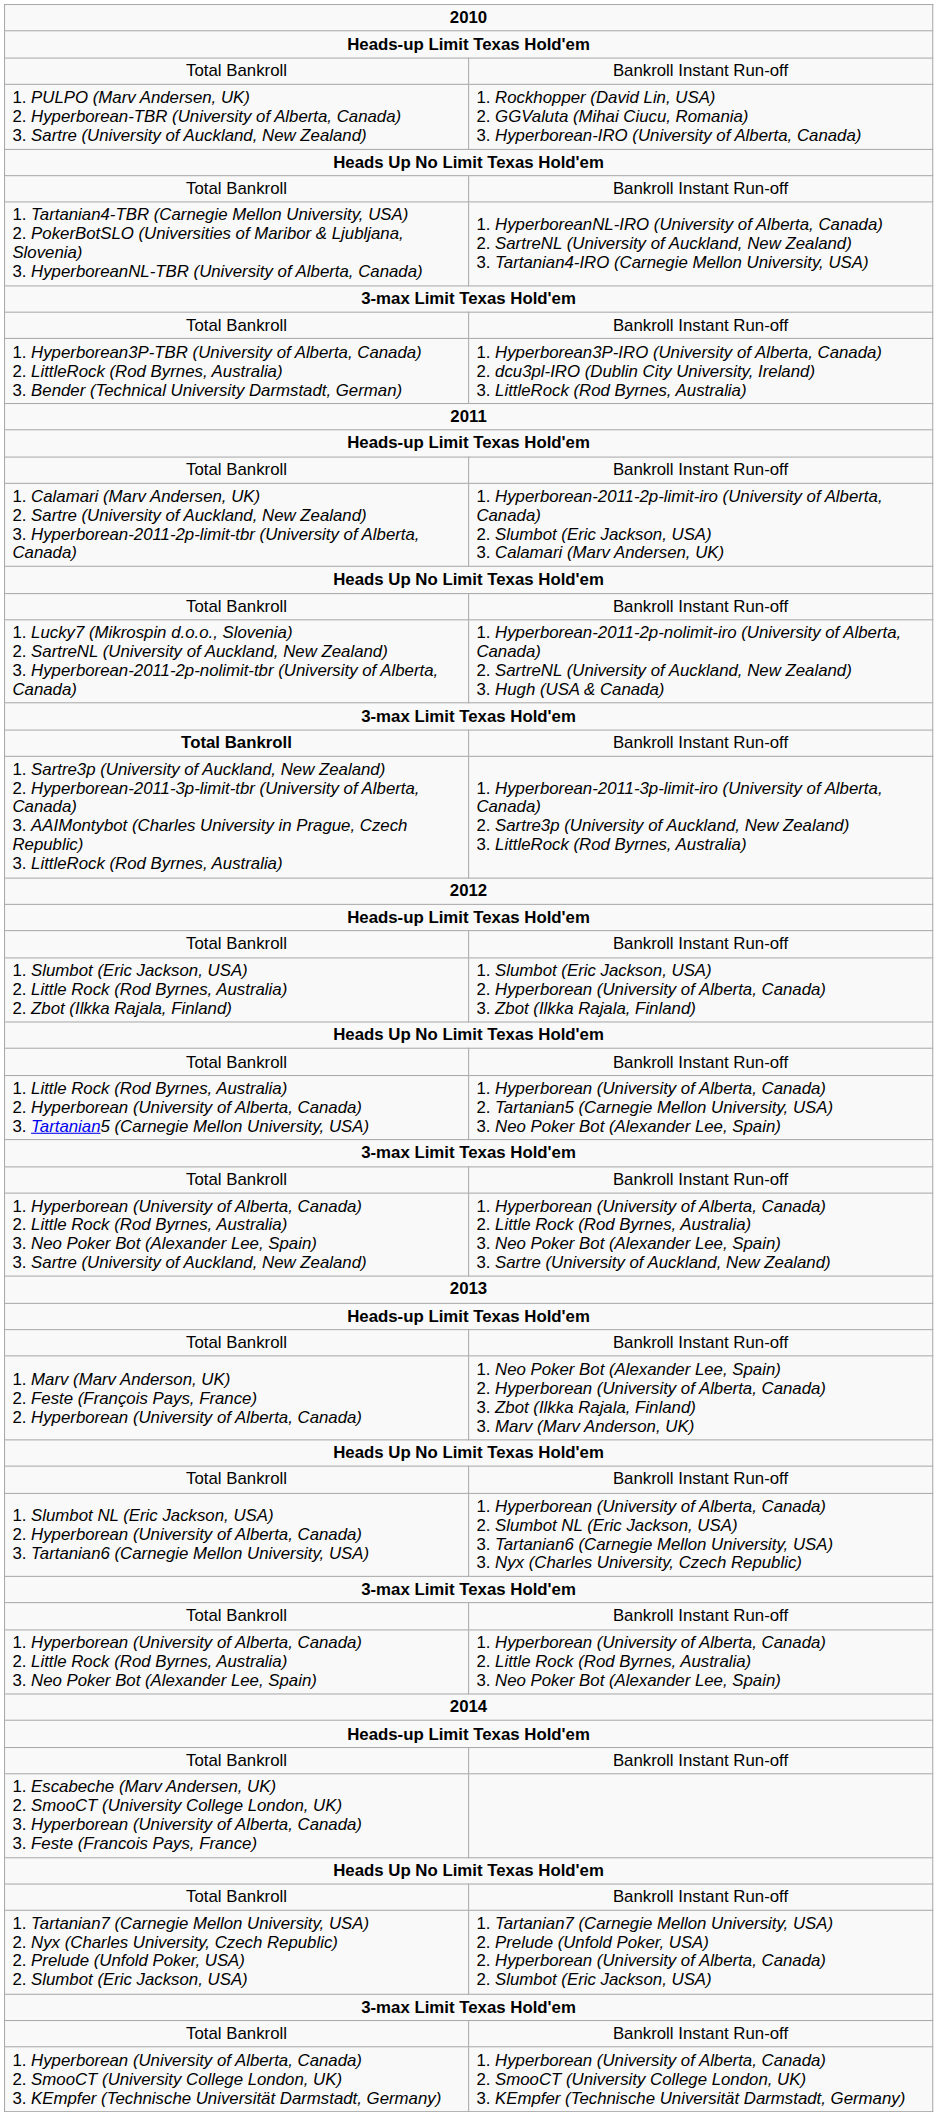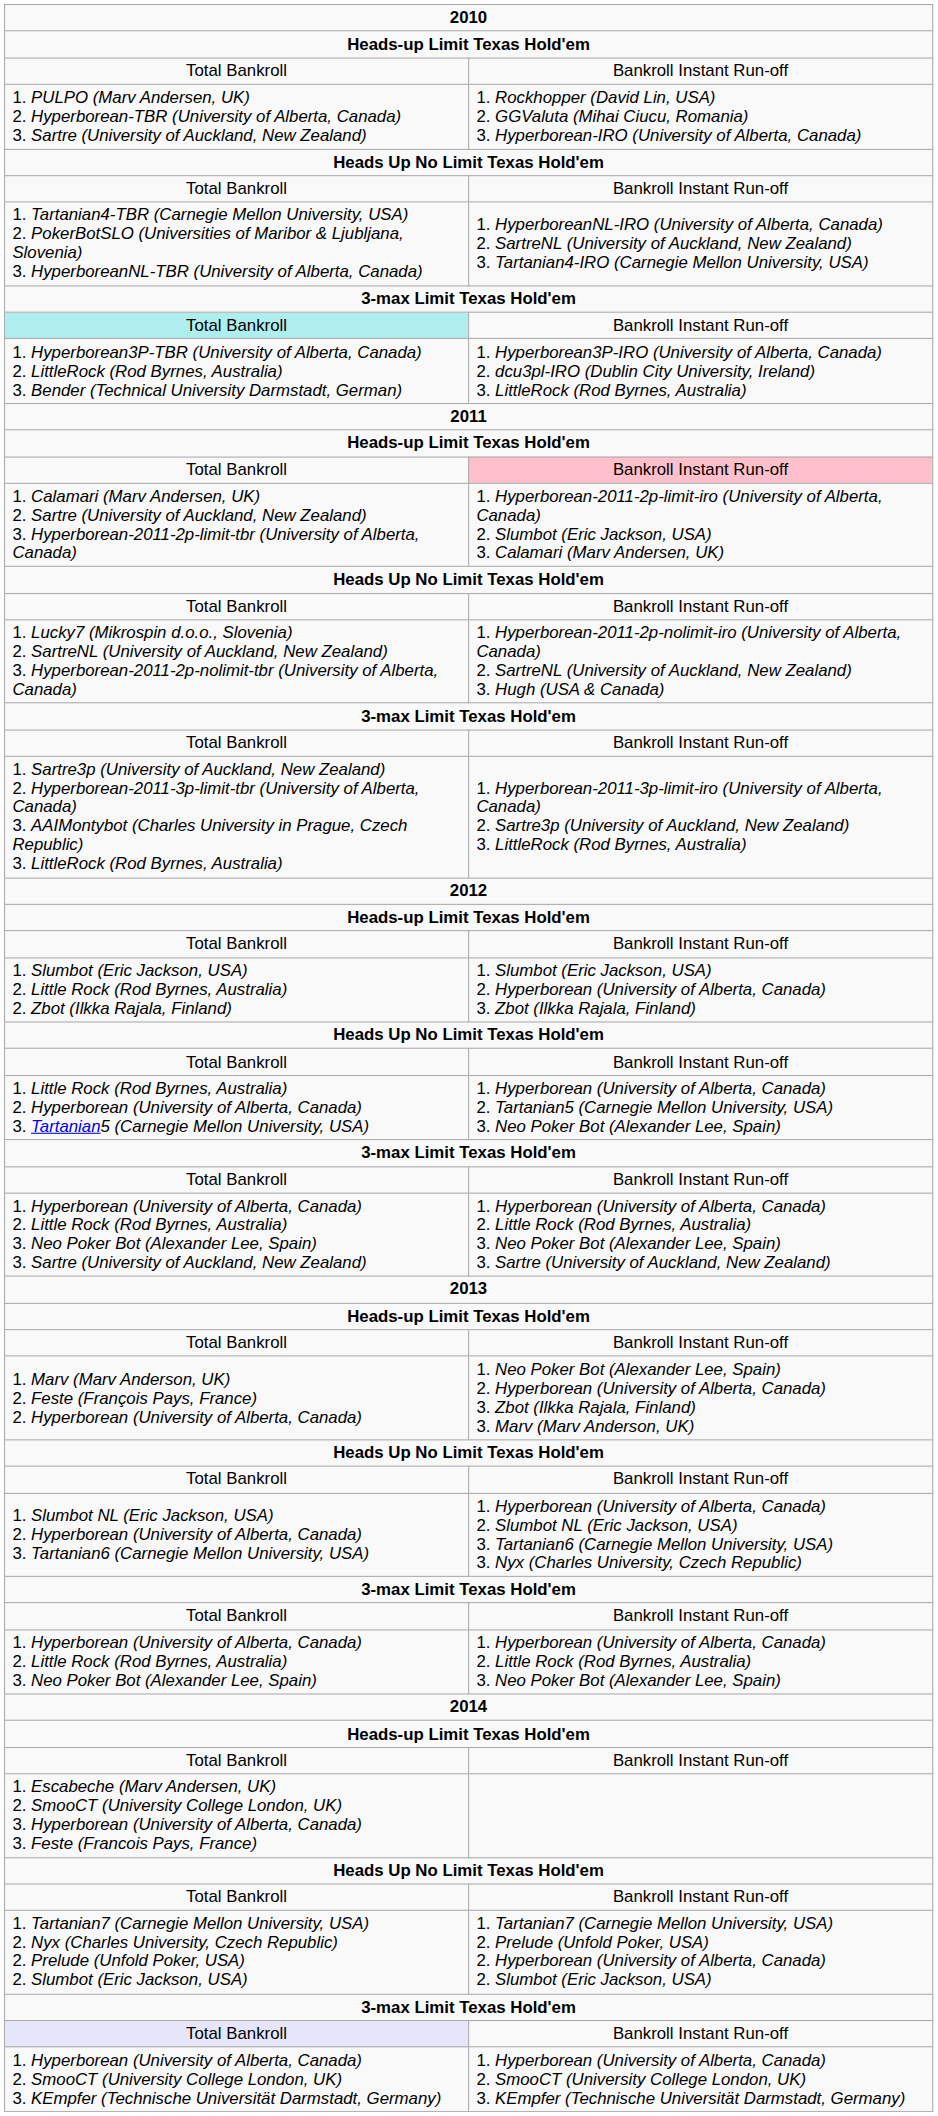 <table class="wikitable" style="width: 70%; height=60px;">
 <tr>
 <td colspan="2" style="text-align: center;"><strong>2010</strong> </td>
 </tr>
 <tr>
 <td colspan="2" style="text-align: center;"><strong>Heads-up Limit Texas Hold'em</strong></td>
 </tr>
 <tr style="text-align: center;">
 <td style="width:50%">Total Bankroll</td>
 <td style="width:50%">Bankroll Instant Run-off</td>
 </tr>
 <tr style="padding-left: 10px">
 <td style="width:50%; padding-left: 7px">1. <em>PULPO (Marv Andersen, UK)</em><br> 2. <em>Hyperborean-TBR (University of Alberta, Canada)</em><br> 3. <em>Sartre (University of Auckland, New Zealand)</em></td>
 <td style="width:50%; padding-left: 7px">1. <em>Rockhopper (David Lin, USA)</em><br> 2. <em>GGValuta (Mihai Ciucu, Romania)</em><br> 3. <em>Hyperborean-IRO (University of Alberta, Canada)</em></td>
 </tr>
 <tr>
 <td colspan="2" style="text-align: center;"><strong>Heads Up No Limit Texas Hold'em</strong></td>
 </tr>
 <tr style="text-align: center;">
 <td style="width:50%">Total Bankroll</td>
 <td style="width:50%">Bankroll Instant Run-off</td>
 </tr>
 <tr style="padding-left: 10px">
 <td style="width:50%; padding-left: 7px">1. <em>Tartanian4-TBR (Carnegie Mellon University, USA)</em><br> 2. <em>PokerBotSLO (Universities of Maribor & Ljubljana, Slovenia)</em><br> 3. <em>HyperboreanNL-TBR (University of Alberta, Canada)</em></td>
 <td style="width:50%; padding-left: 7px">1. <em>HyperboreanNL-IRO (University of Alberta, Canada)</em><br> 2. <em>SartreNL (University of Auckland, New Zealand)</em><br> 3. <em>Tartanian4-IRO (Carnegie Mellon University, USA)</em></td>
 </tr>
 <tr>
 <td colspan="2" style="text-align: center;"><strong>3-max Limit Texas Hold'em</strong></td>
 </tr>
 <tr style="text-align: center;">
-<td style="width:50%">Total Bankroll</td>
+<td style="background: paleturquoise; width:50%">Total Bankroll</td>
 <td style="width:50%">Bankroll Instant Run-off</td>
 </tr>
 <tr style="padding-left: 10px">
 <td style="width:50%; padding-left: 7px">1. <em>Hyperborean3P-TBR (University of Alberta, Canada)</em><br> 2. <em>LittleRock (Rod Byrnes, Australia)</em><br> 3. <em>Bender (Technical University Darmstadt, German)</em></td>
 <td style="width:50%; padding-left: 7px">1. <em>Hyperborean3P-IRO (University of Alberta, Canada)</em><br> 2. <em>dcu3pl-IRO (Dublin City University, Ireland)</em><br> 3. <em>LittleRock (Rod Byrnes, Australia)</em></td>
 </tr>
 <tr>
 <td colspan="2" style="text-align: center;"><strong>2011</strong> <br></td>
 </tr>
 <tr>
 <td colspan="2" style="text-align: center;"><strong>Heads-up Limit Texas Hold'em</strong></td>
 </tr>
 <tr style="text-align: center;">
 <td style="width:50%">Total Bankroll</td>
-<td style="width:50%">Bankroll Instant Run-off</td>
+<td style="background: pink; width:50%">Bankroll Instant Run-off</td>
 </tr>
 <tr style="padding-left: 10px">
 <td style="width:50%; padding-left: 7px">1. <em>Calamari (Marv Andersen, UK)</em><br> 2. <em>Sartre (University of Auckland, New Zealand)</em><br> 3. <em>Hyperborean-2011-2p-limit-tbr (University of Alberta, Canada)</em></td>
 <td style="width:50%; padding-left: 7px">1. <em>Hyperborean-2011-2p-limit-iro (University of Alberta, Canada)</em><br> 2. <em>Slumbot (Eric Jackson, USA)</em><br> 3. <em>Calamari (Marv Andersen, UK)</em></td>
 </tr>
 <tr>
 <td colspan="2" style="text-align: center;"><strong>Heads Up No Limit Texas Hold'em</strong></td>
 </tr>
 <tr style="text-align: center;">
 <td style="width:50%">Total Bankroll</td>
 <td style="width:50%">Bankroll Instant Run-off</td>
 </tr>
 <tr style="padding-left: 10px">
 <td style="width:50%; padding-left: 7px">1. <em>Lucky7 (Mikrospin d.o.o., Slovenia)</em><br> 2. <em>SartreNL (University of Auckland, New Zealand)</em><br> 3. <em>Hyperborean-2011-2p-nolimit-tbr (University of Alberta, Canada)</em></td>
 <td style="width:50%; padding-left: 7px">1. <em>Hyperborean-2011-2p-nolimit-iro (University of Alberta, Canada)</em><br> 2. <em>SartreNL (University of Auckland, New Zealand)</em><br> 3. <em>Hugh (USA & Canada)</em></td>
 </tr>
 <tr>
 <td colspan="2" style="text-align: center;"><strong>3-max Limit Texas Hold'em</strong></td>
 </tr>
 <tr style="text-align: center;">
-<td style="width:50%"><strong>Total Bankroll</strong></td>
+<td style="width:50%">Total Bankroll</td>
 <td style="width:50%">Bankroll Instant Run-off</td>
 </tr>
 <tr style="padding-left: 10px">
 <td style="width:50%; padding-left: 7px">1. <em>Sartre3p (University of Auckland, New Zealand)</em><br> 2. <em>Hyperborean-2011-3p-limit-tbr (University of Alberta, Canada)</em><br> 3. <em>AAIMontybot (Charles University in Prague, Czech Republic)</em><br> 3. <em>LittleRock (Rod Byrnes, Australia)</em></td>
 <td style="width:50%; padding-left: 7px">1. <em>Hyperborean-2011-3p-limit-iro (University of Alberta, Canada)</em><br> 2. <em>Sartre3p (University of Auckland, New Zealand)</em><br> 3. <em>LittleRock (Rod Byrnes, Australia)</em></td>
 </tr>
 <tr>
 <td colspan="2" style="text-align: center;"><strong>2012</strong></td>
 </tr>
 <tr>
 <td colspan="2" style="text-align: center;"><strong>Heads-up Limit Texas Hold'em</strong></td>
 </tr>
 <tr style="text-align: center;">
 <td style="width:50%">Total Bankroll</td>
 <td style="width:50%">Bankroll Instant Run-off</td>
 </tr>
 <tr style="padding-left: 10px">
 <td style="width:50%; padding-left: 7px">1. <em>Slumbot (Eric Jackson, USA)</em><br> 2. <em>Little Rock (Rod Byrnes, Australia)</em><br> 2. <em>Zbot (Ilkka Rajala, Finland)</em></td>
 <td style="width:50%; padding-left: 7px">1. <em>Slumbot (Eric Jackson, USA)</em><br> 2. <em>Hyperborean (University of Alberta, Canada)</em><br> 3. <em>Zbot (Ilkka Rajala, Finland)</em></td>
 </tr>
 <tr>
 <td colspan="2" style="text-align: center;"><strong>Heads Up No Limit Texas Hold'em</strong></td>
 </tr>
 <tr style="text-align: center;">
 <td style="width:50%">Total Bankroll</td>
 <td style="width:50%">Bankroll Instant Run-off</td>
 </tr>
 <tr style="padding-left: 10px">
 <td style="width:50%; padding-left: 7px">1. <em>Little Rock (Rod Byrnes, Australia)</em><br> 2. <em>Hyperborean (University of Alberta, Canada)</em><br> 3. <em><a href='#'>Tartanian</a>5 (Carnegie Mellon University, USA)</em></td>
 <td style="width:50%; padding-left: 7px">1. <em>Hyperborean (University of Alberta, Canada)</em><br> 2. <em>Tartanian5 (Carnegie Mellon University, USA)</em><br> 3. <em>Neo Poker Bot (Alexander Lee, Spain)</em></td>
 </tr>
 <tr>
 <td colspan="2" style="text-align: center;"><strong>3-max Limit Texas Hold'em</strong></td>
 </tr>
 <tr style="text-align: center;">
 <td style="width:50%">Total Bankroll</td>
 <td style="width:50%">Bankroll Instant Run-off</td>
 </tr>
 <tr style="padding-left: 10px">
 <td style="width:50%; padding-left: 7px">1. <em>Hyperborean (University of Alberta, Canada)</em><br> 2. <em>Little Rock (Rod Byrnes, Australia)</em><br> 3. <em>Neo Poker Bot (Alexander Lee, Spain)</em><br> 3. <em>Sartre (University of Auckland, New Zealand)</em></td>
 <td style="width:50%; padding-left: 7px">1. <em>Hyperborean (University of Alberta, Canada)</em><br> 2. <em>Little Rock (Rod Byrnes, Australia)</em><br> 3. <em>Neo Poker Bot (Alexander Lee, Spain)</em><br> 3. <em>Sartre (University of Auckland, New Zealand)</em></td>
 </tr>
 <tr>
 <td colspan="2" style="text-align: center;"><strong>2013</strong></td>
 </tr>
 <tr>
 <td colspan="2" style="text-align: center;"><strong>Heads-up Limit Texas Hold'em</strong></td>
 </tr>
 <tr style="text-align: center;">
 <td style="width:50%">Total Bankroll</td>
 <td style="width:50%">Bankroll Instant Run-off</td>
 </tr>
 <tr style="padding-left: 10px">
 <td style="width:50%; padding-left: 7px">1. <em>Marv (Marv Anderson, UK)</em><br> 2. <em>Feste (François Pays, France)</em><br> 2. <em>Hyperborean (University of Alberta, Canada)</em></td>
 <td style="width:50%; padding-left: 7px">1. <em>Neo Poker Bot (Alexander Lee, Spain)</em><br> 2. <em>Hyperborean (University of Alberta, Canada)</em><br> 3. <em>Zbot (Ilkka Rajala, Finland)</em><br>3. <em>Marv (Marv Anderson, UK)</em></td>
 </tr>
 <tr>
 <td colspan="2" style="text-align: center;"><strong>Heads Up No Limit Texas Hold'em</strong></td>
 </tr>
 <tr style="text-align: center;">
 <td style="width:50%">Total Bankroll</td>
 <td style="width:50%">Bankroll Instant Run-off</td>
 </tr>
 <tr style="padding-left: 10px">
 <td style="width:50%; padding-left: 7px">1. <em>Slumbot NL (Eric Jackson, USA)</em><br> 2. <em>Hyperborean (University of Alberta, Canada)</em><br> 3. <em>Tartanian6 (Carnegie Mellon University, USA)</em></td>
 <td style="width:50%; padding-left: 7px">1. <em>Hyperborean (University of Alberta, Canada)</em><br> 2. <em> Slumbot NL (Eric Jackson, USA)</em><br> 3. <em> Tartanian6 (Carnegie Mellon University, USA)</em><br> 3. <em> Nyx (Charles University, Czech Republic)</em></td>
 </tr>
 <tr>
 <td colspan="2" style="text-align: center;"><strong>3-max Limit Texas Hold'em</strong></td>
 </tr>
 <tr style="text-align: center;">
 <td style="width:50%">Total Bankroll</td>
 <td style="width:50%">Bankroll Instant Run-off</td>
 </tr>
 <tr style="padding-left: 10px">
 <td style="width:50%; padding-left: 7px">1. <em>Hyperborean (University of Alberta, Canada)</em><br> 2. <em>Little Rock (Rod Byrnes, Australia)</em><br> 3. <em>Neo Poker Bot (Alexander Lee, Spain)</em></td>
 <td style="width:50%; padding-left: 7px">1. <em>Hyperborean (University of Alberta, Canada)</em><br> 2. <em>Little Rock (Rod Byrnes, Australia)</em><br> 3. <em>Neo Poker Bot (Alexander Lee, Spain)</em></td>
 </tr>
 <tr>
 <td colspan="2" style="text-align: center;"><strong>2014</strong></td>
 </tr>
 <tr>
 <td colspan="2" style="text-align: center;"><strong>Heads-up Limit Texas Hold'em</strong></td>
 </tr>
 <tr style="text-align: center;">
 <td style="width:50%">Total Bankroll</td>
 <td style="width:50%">Bankroll Instant Run-off</td>
 </tr>
 <tr style="padding-left: 10px">
 <td style="width:50%; padding-left: 7px">1. <em>Escabeche (Marv Andersen, UK)</em><br> 2. <em>SmooCT (University College London, UK)</em><br> 3. <em>Hyperborean (University of Alberta, Canada)</em> <br> 3. <em>Feste (Francois Pays, France)</em></td>
 <td style="width:50%; padding-left: 7px"><em> </em><br> <em> </em><br>  <em> </em></td>
 </tr>
 <tr>
 <td colspan="2" style="text-align: center;"><strong>Heads Up No Limit Texas Hold'em</strong></td>
 </tr>
 <tr style="text-align: center;">
 <td style="width:50%">Total Bankroll</td>
 <td style="width:50%">Bankroll Instant Run-off</td>
 </tr>
 <tr style="padding-left: 10px">
 <td style="width:50%; padding-left: 7px">1. <em>Tartanian7 (Carnegie Mellon University, USA)</em><br> 2. <em>Nyx  (Charles University, Czech Republic)</em><br> 2. <em>Prelude (Unfold Poker, USA)</em> <br> 2. <em>Slumbot (Eric Jackson, USA)</em></td>
 <td style="width:50%; padding-left: 7px">1. <em>Tartanian7 (Carnegie Mellon University, USA)</em><br> 2. <em>Prelude (Unfold Poker, USA)</em><br> 2. <em>Hyperborean (University of Alberta, Canada)</em> <br> 2. <em>Slumbot (Eric Jackson, USA)</em></td>
 </tr>
 <tr>
 <td colspan="2" style="text-align: center;"><strong>3-max Limit Texas Hold'em</strong></td>
 </tr>
 <tr style="text-align: center;">
-<td style="width:50%">Total Bankroll</td>
+<td style="background: lavender; width:50%">Total Bankroll</td>
 <td style="width:50%">Bankroll Instant Run-off</td>
 </tr>
 <tr style="padding-left: 10px">
 <td style="width:50%; padding-left: 7px">1. <em>Hyperborean (University of Alberta, Canada)</em><br> 2. <em>SmooCT (University College London, UK)</em><br> 3. <em>KEmpfer (Technische Universität Darmstadt, Germany)</em></td>
 <td style="width:50%; padding-left: 7px">1. <em>Hyperborean (University of Alberta, Canada)</em><br> 2. <em>SmooCT (University College London, UK)</em><br> 3. <em>KEmpfer (Technische Universität Darmstadt, Germany)</em></td>
 </tr>
 <tr>
 </tr>
 </table>
